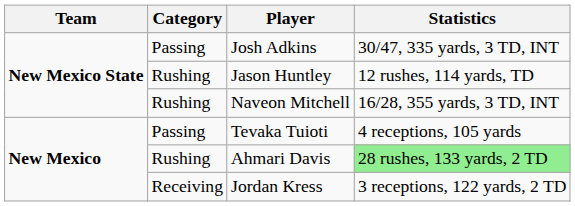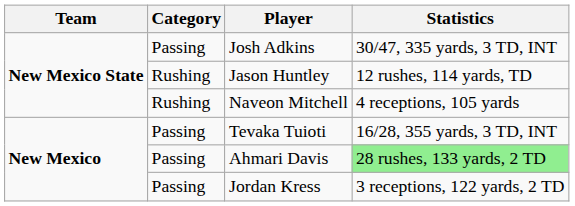 <table class="wikitable" style="float: left;">
 <tr>
 <th>Team</th>
 <th>Category</th>
 <th>Player</th>
 <th>Statistics</th>
 </tr>
 <tr>
 <td rowspan=3><strong>New Mexico State</strong></td>
 <td>Passing</td>
 <td>Josh Adkins</td>
 <td>30/47, 335 yards, 3 TD, INT</td>
 </tr>
 <tr>
 <td>Rushing</td>
 <td>Jason Huntley</td>
 <td>12 rushes, 114 yards, TD</td>
 </tr>
 <tr>
 <td>Rushing</td>
 <td>Naveon Mitchell</td>
-<td>16/28, 355 yards, 3 TD, INT</td>
+<td>4 receptions, 105 yards</td>
 </tr>
 <tr>
 <td rowspan=3><strong>New Mexico</strong></td>
 <td>Passing</td>
 <td>Tevaka Tuioti</td>
-<td>4 receptions, 105 yards</td>
+<td>16/28, 355 yards, 3 TD, INT</td>
 </tr>
 <tr>
-<td>Rushing</td>
+<td>Passing</td>
 <td>Ahmari Davis</td>
 <td style="background: lightgreen;">28 rushes, 133 yards, 2 TD</td>
 </tr>
 <tr>
-<td>Receiving</td>
+<td>Passing</td>
 <td>Jordan Kress</td>
 <td>3 receptions, 122 yards, 2 TD</td>
 </tr>
 </table>
